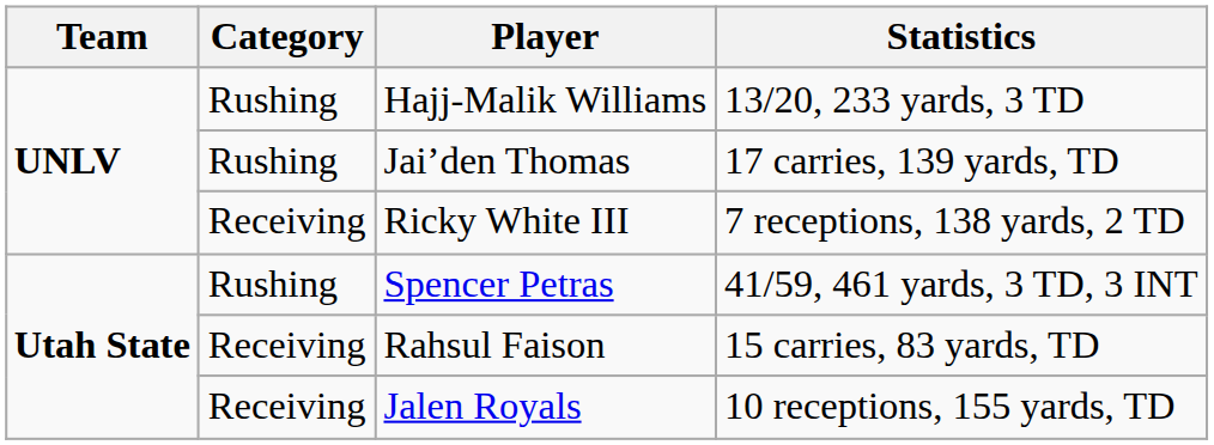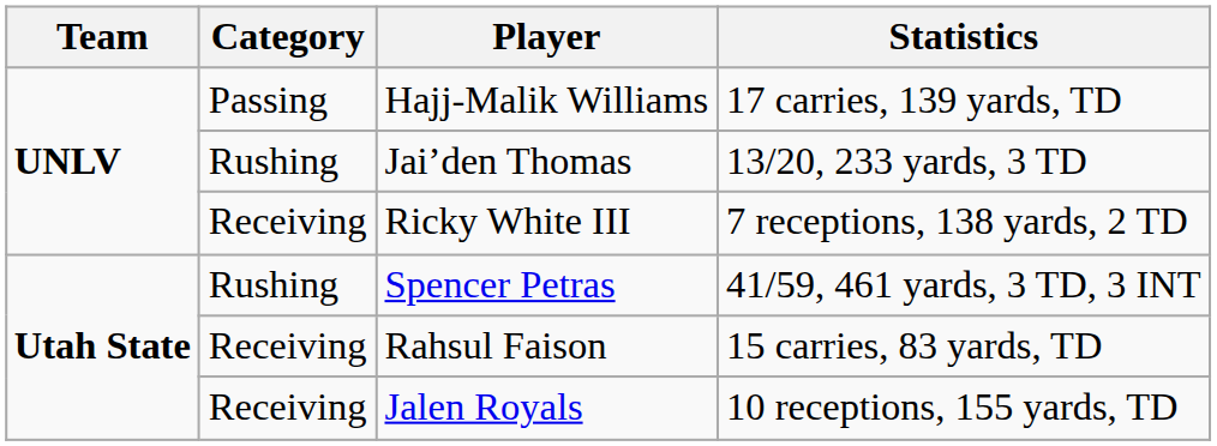 <table class="wikitable" style="float: right;">
 <tr>
 <th>Team</th>
 <th>Category</th>
 <th>Player</th>
 <th>Statistics</th>
 </tr>
 <tr>
 <td rowspan=3><strong>UNLV</strong></td>
-<td>Rushing</td>
+<td>Passing</td>
 <td>Hajj-Malik Williams</td>
-<td>13/20, 233 yards, 3 TD</td>
+<td>17 carries, 139 yards, TD</td>
 </tr>
 <tr>
 <td>Rushing</td>
 <td>Jai’den Thomas</td>
-<td>17 carries, 139 yards, TD</td>
+<td>13/20, 233 yards, 3 TD</td>
 </tr>
 <tr>
 <td>Receiving</td>
 <td>Ricky White III</td>
 <td>7 receptions, 138 yards, 2 TD</td>
 </tr>
 <tr>
 <td rowspan=3><strong>Utah State</strong></td>
 <td>Rushing</td>
 <td><a href='#'>Spencer Petras</a></td>
 <td>41/59, 461 yards, 3 TD, 3 INT</td>
 </tr>
 <tr>
 <td>Receiving</td>
 <td>Rahsul Faison</td>
 <td>15 carries, 83 yards, TD</td>
 </tr>
 <tr>
 <td>Receiving</td>
 <td><a href='#'>Jalen Royals</a></td>
 <td>10 receptions, 155 yards, TD</td>
 </tr>
 </table>
